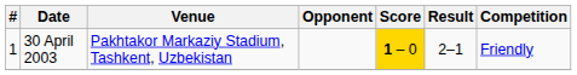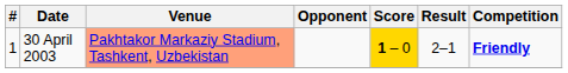 <table class="wikitable" border="1">
 <tr>
 <th>#</th>
 <th>Date</th>
 <th>Venue</th>
 <th>Opponent</th>
 <th>Score</th>
 <th>Result</th>
 <th>Competition</th>
 </tr>
 <tr>
 <td>1</td>
 <td>30 April 2003</td>
-<td><a href='#'>Pakhtakor Markaziy Stadium</a>, <a href='#'>Tashkent</a>, <a href='#'>Uzbekistan</a></td>
+<td style="background: lightsalmon;"><a href='#'>Pakhtakor Markaziy Stadium</a>, <a href='#'>Tashkent</a>, <a href='#'>Uzbekistan</a></td>
 <td></td>
 <td align=center style="background: gold;"><strong>1</strong> – 0</td>
 <td align=center>2–1</td>
-<td><a href='#'>Friendly</a></td>
+<td><strong><a href='#'>Friendly</a></strong></td>
 </tr>
 <tr>
 </tr>
 </table>
